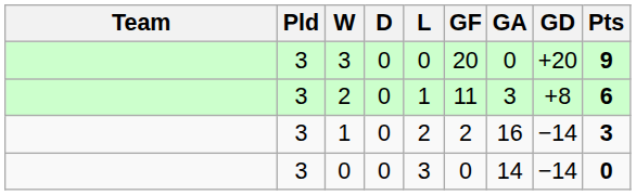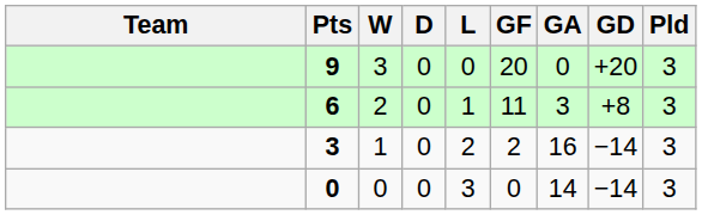 <table class="wikitable" style="text-align:center;">
 <tr>
 <th width=180>Team</th>
-<th width=20>Pld</th>
+<th width=20>Pts</th>
 <th width=20>W</th>
 <th width=20>D</th>
 <th width=20>L</th>
 <th width=20>GF</th>
 <th width=20>GA</th>
 <th width=20>GD</th>
-<th width=20>Pts</th>
+<th width=20>Pld</th>
 </tr>
 <tr bgcolor=ccffcc>
 <td align="left"></td>
-<td>3</td>
+<td><strong>9</strong></td>
 <td>3</td>
 <td>0</td>
 <td>0</td>
 <td>20</td>
 <td>0</td>
 <td>+20</td>
-<td><strong>9</strong></td>
+<td>3</td>
 </tr>
 <tr bgcolor=ccffcc>
 <td align="left"></td>
-<td>3</td>
+<td><strong>6</strong></td>
 <td>2</td>
 <td>0</td>
 <td>1</td>
 <td>11</td>
 <td>3</td>
 <td>+8</td>
-<td><strong>6</strong></td>
+<td>3</td>
 </tr>
 <tr>
 <td align="left"><em></em></td>
-<td>3</td>
+<td><strong>3</strong></td>
 <td>1</td>
 <td>0</td>
 <td>2</td>
 <td>2</td>
 <td>16</td>
 <td>−14</td>
-<td><strong>3</strong></td>
+<td>3</td>
 </tr>
 <tr>
 <td align="left"></td>
-<td>3</td>
+<td><strong>0</strong></td>
 <td>0</td>
 <td>0</td>
 <td>3</td>
 <td>0</td>
 <td>14</td>
 <td>−14</td>
-<td><strong>0</strong></td>
+<td>3</td>
 </tr>
 </table>
